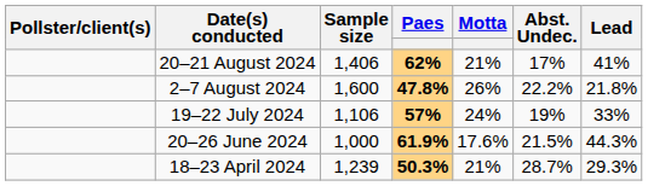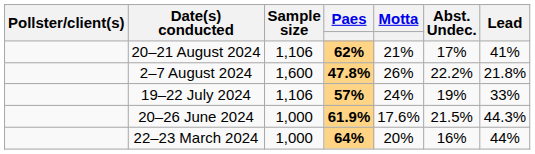 <table class="wikitable" style="text-align:center;font-size:90%;line-height:14px;">
 <tr>
 <th rowspan="2">Pollster/client(s)</th>
 <th rowspan="2">Date(s)<br>conducted</th>
 <th rowspan="2">Sample<br>size</th>
 <th><a href='#'>Paes</a><br></th>
 <th><a href='#'>Motta</a><br></th>
 <th rowspan="2">Abst.<br>Undec.</th>
 <th rowspan="2">Lead</th>
 </tr>
 <tr>
 <th class="sortable" data-sort-type="number" style="background:"></th>
 <th class="sortable" data-sort-type="number" style="background:"></th>
 </tr>
 <tr>
 <td></td>
 <td>20–21 August 2024</td>
-<td>1,406</td>
+<td>1,106</td>
 <td style="background:#ffd485;"><strong>62%</strong></td>
 <td>21%</td>
 <td>17%</td>
 <td style="background:">41%</td>
 </tr>
 <tr>
 <td></td>
 <td>2–7 August 2024</td>
 <td>1,600</td>
 <td style="background:#ffd485;"><strong>47.8%</strong></td>
 <td>26%</td>
 <td>22.2%</td>
 <td style="background:">21.8%</td>
 </tr>
 <tr>
 <td></td>
 <td>19–22 July 2024</td>
 <td>1,106</td>
 <td style="background:#ffd485;"><strong>57%</strong></td>
 <td>24%</td>
 <td>19%</td>
 <td style="background:">33%</td>
 </tr>
 <tr>
 <td></td>
 <td>20–26 June 2024</td>
 <td>1,000</td>
 <td style="background:#ffd485;"><strong>61.9%</strong></td>
 <td>17.6%</td>
 <td>21.5%</td>
 <td style="background:">44.3%</td>
 </tr>
 <tr>
 <td></td>
-<td>18–23 April 2024</td>
-<td>1,239</td>
-<td style="background:#ffd485;"><strong>50.3%</strong></td>
-<td>21%</td>
-<td>28.7%</td>
-<td style="background:">29.3%</td>
+<td>22–23 March 2024</td>
+<td>1,000</td>
+<td style="background:#ffd485;"><strong>64%</strong></td>
+<td>20%</td>
+<td>16%</td>
+<td style="background:">44%</td>
 </tr>
 </table>
